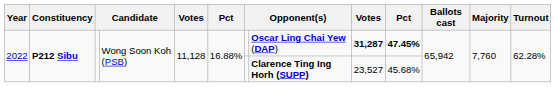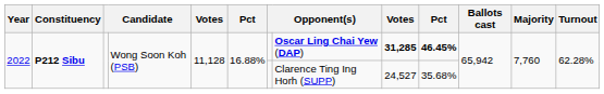 <table class="wikitable" style="margin:0.5em ; font-size:95%">
 <tr>
 <th>Year</th>
 <th>Constituency</th>
 <th colspan=2>Candidate</th>
 <th>Votes</th>
 <th>Pct</th>
 <th colspan=2>Opponent(s)</th>
 <th>Votes</th>
 <th>Pct</th>
 <th>Ballots cast</th>
 <th>Majority</th>
 <th>Turnout</th>
 </tr>
 <tr>
 <td rowspan="2"><a href='#'>2022</a></td>
 <td rowspan="2"><strong>P212 <a href='#'>Sibu</a></strong></td>
 <td rowspan="2" style="background-color:"></td>
 <td rowspan="2">Wong Soon Koh (<a href='#'>PSB</a>)</td>
 <td rowspan="2" align="right">11,128</td>
 <td rowspan="2">16.88%</td>
 <td></td>
 <td><strong><a href='#'>Oscar Ling Chai Yew</a></strong> (<a href='#'><strong>DAP</strong></a>)</td>
-<td align="right"><strong>31,287</strong></td>
-<td><strong>47.45%</strong></td>
+<td align="right"><strong>31,285</strong></td>
+<td><strong>46.45%</strong></td>
 <td rowspan="2">65,942</td>
 <td rowspan="2">7,760</td>
 <td rowspan="2">62.28%</td>
 </tr>
 <tr>
 <td></td>
-<td><strong>Clarence Ting Ing Horh (<a href='#'>SUPP</a>)</strong></td>
-<td align="right">23,527</td>
-<td>45.68%</td>
+<td>Clarence Ting Ing Horh (<a href='#'>SUPP</a>)</td>
+<td align="right">24,527</td>
+<td>35.68%</td>
 </tr>
 </table>
